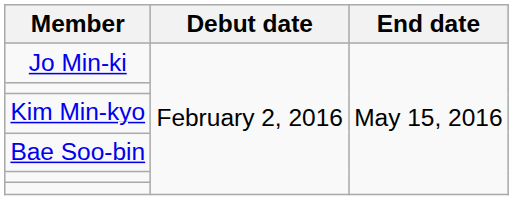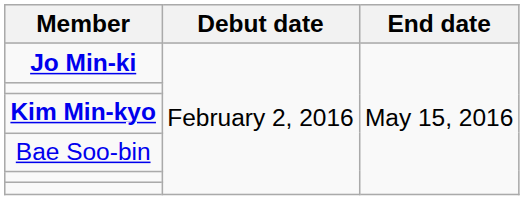 <table class="wikitable" style="text-align:center;">
 <tr>
 <th>Member</th>
 <th>Debut date</th>
 <th>End date</th>
 </tr>
 <tr>
-<td><a href='#'>Jo Min-ki</a></td>
+<td><strong><a href='#'>Jo Min-ki</a></strong></td>
 <td rowspan=6>February 2, 2016</td>
 <td rowspan=6>May 15, 2016</td>
 </tr>
 <tr>
 <td></td>
 </tr>
 <tr>
-<td><a href='#'>Kim Min-kyo</a></td>
+<td><strong><a href='#'>Kim Min-kyo</a></strong></td>
 </tr>
 <tr>
 <td><a href='#'>Bae Soo-bin</a></td>
 </tr>
 <tr>
 <td></td>
 </tr>
 <tr>
 <td></td>
 </tr>
 </table>
